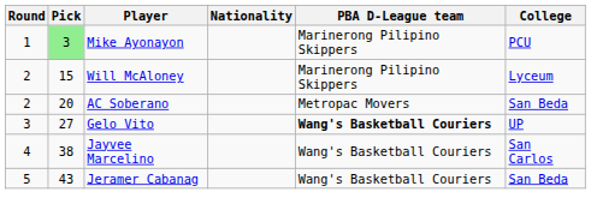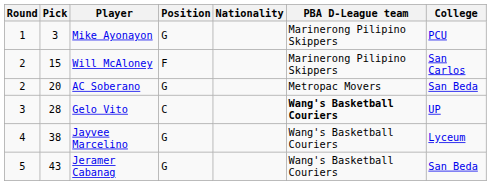 <table class="wikitable sortable sortable">
 <tr>
 <th>Round</th>
 <th>Pick</th>
 <th>Player</th>
+<th>Position</th>
 <th>Nationality</th>
 <th>PBA D-League team</th>
 <th>College</th>
 </tr>
 <tr>
 <td align=center>1</td>
-<td align=center style="background: lightgreen;">3</td>
+<td align=center>3</td>
 <td><a href='#'>Mike Ayonayon</a></td>
+<td>G</td>
 <td></td>
 <td>Marinerong Pilipino Skippers</td>
 <td><a href='#'>PCU</a></td>
 </tr>
 <tr>
 <td align=center>2</td>
 <td align=center>15</td>
 <td><a href='#'>Will McAloney</a></td>
+<td>F</td>
 <td></td>
 <td>Marinerong Pilipino Skippers</td>
-<td><a href='#'>Lyceum</a></td>
+<td><a href='#'>San Carlos</a></td>
 </tr>
 <tr>
 <td align=center>2</td>
 <td align=center>20</td>
 <td><a href='#'>AC Soberano</a></td>
+<td>G</td>
 <td></td>
 <td>Metropac Movers</td>
 <td><a href='#'>San Beda</a></td>
 </tr>
 <tr>
 <td align=center>3</td>
-<td align=center>27</td>
+<td align=center>28</td>
 <td><a href='#'>Gelo Vito</a></td>
+<td>C</td>
 <td></td>
 <td><strong>Wang's Basketball Couriers</strong></td>
 <td><a href='#'>UP</a></td>
 </tr>
 <tr>
 <td align=center>4</td>
 <td align=center>38</td>
 <td><a href='#'>Jayvee Marcelino</a></td>
+<td>G</td>
 <td></td>
 <td>Wang's Basketball Couriers</td>
-<td><a href='#'>San Carlos</a></td>
+<td><a href='#'>Lyceum</a></td>
 </tr>
 <tr>
 <td align=center>5</td>
 <td align=center>43</td>
 <td><a href='#'>Jeramer Cabanag</a></td>
+<td>G</td>
 <td></td>
 <td>Wang's Basketball Couriers</td>
 <td><a href='#'>San Beda</a></td>
 </tr>
 </table>
